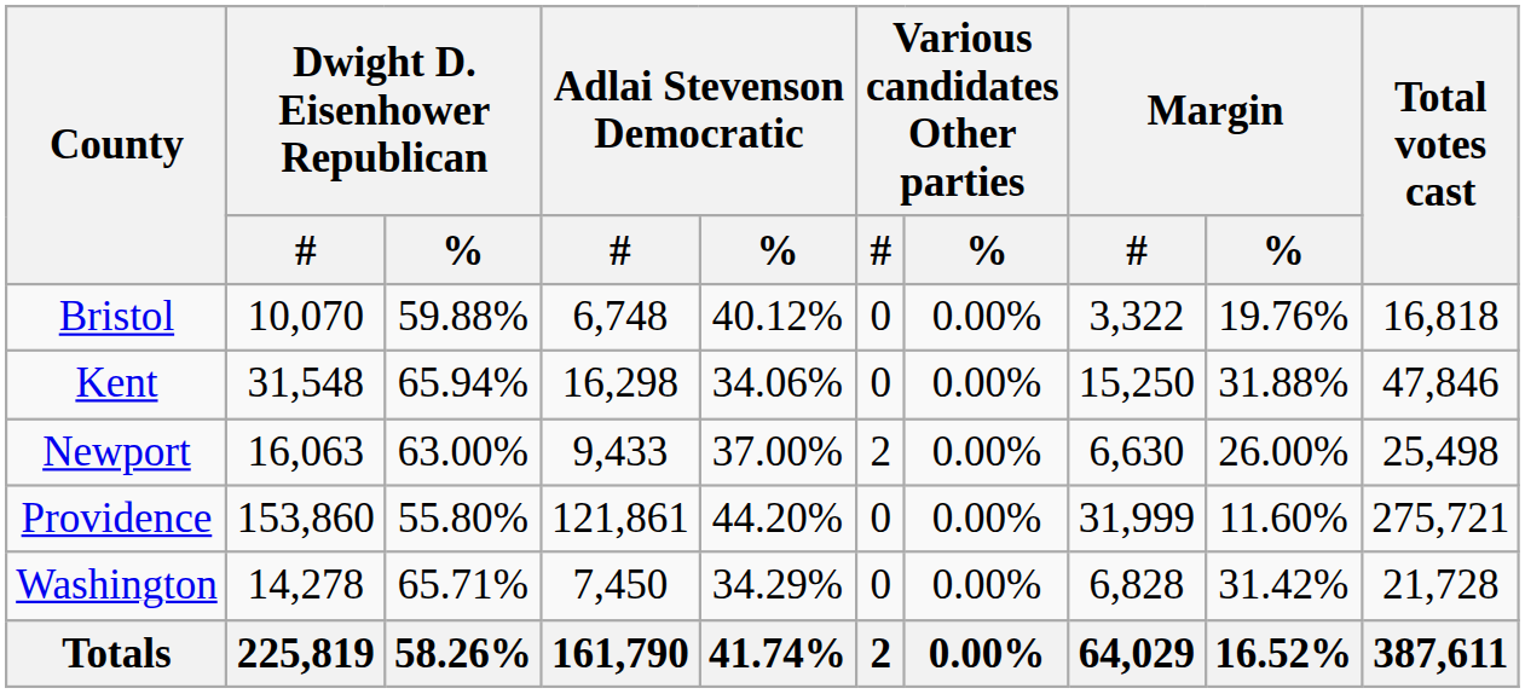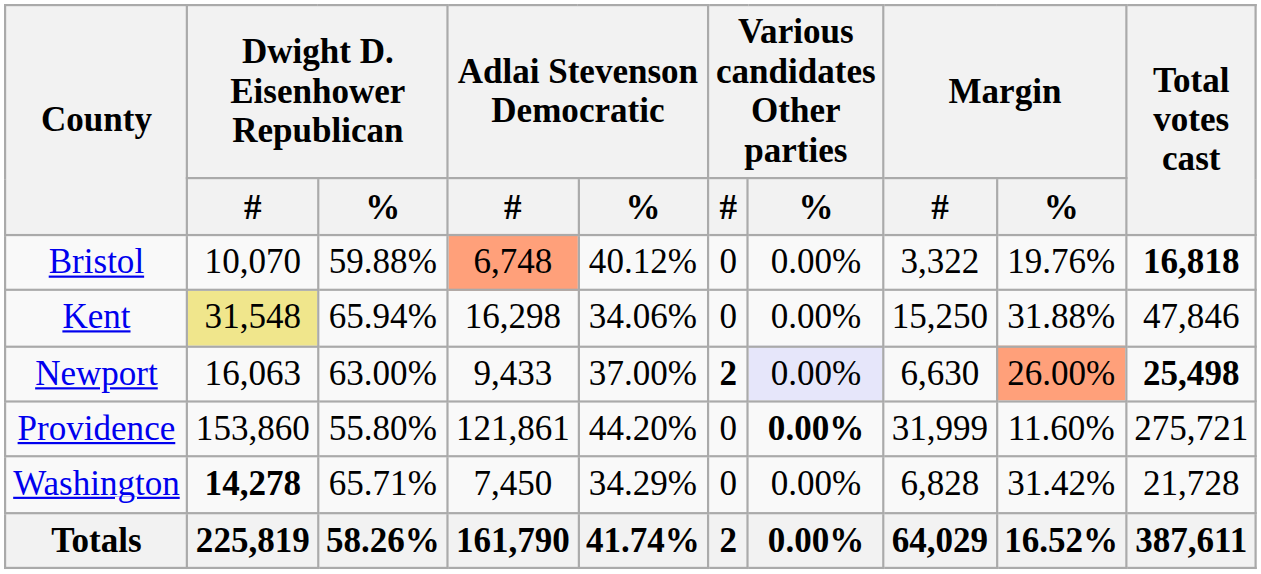 <table width="60%"  class="wikitable sortable" style="text-align:center">
 <tr>
 <th style="text-align:center;" rowspan="2">County</th>
 <th style="text-align:center;" colspan="2">Dwight D. Eisenhower<br>Republican</th>
 <th style="text-align:center;" colspan="2">Adlai Stevenson<br>Democratic</th>
 <th style="text-align:center;" colspan="2">Various candidates<br>Other parties</th>
 <th style="text-align:center;" colspan="2">Margin</th>
 <th style="text-align:center;" rowspan="2">Total votes cast</th>
 </tr>
 <tr>
 <th style="text-align:center;" data-sort-type="number">#</th>
 <th style="text-align:center;" data-sort-type="number">%</th>
 <th style="text-align:center;" data-sort-type="number">#</th>
 <th style="text-align:center;" data-sort-type="number">%</th>
 <th style="text-align:center;" data-sort-type="number">#</th>
 <th style="text-align:center;" data-sort-type="number">%</th>
 <th style="text-align:center;" data-sort-type="number">#</th>
 <th style="text-align:center;" data-sort-type="number">%</th>
 </tr>
 <tr style="text-align:center;">
 <td><a href='#'>Bristol</a></td>
 <td>10,070</td>
 <td>59.88%</td>
-<td>6,748</td>
+<td style="background: lightsalmon;">6,748</td>
 <td>40.12%</td>
 <td>0</td>
 <td>0.00%</td>
 <td>3,322</td>
 <td>19.76%</td>
-<td>16,818</td>
+<td><strong>16,818</strong></td>
 </tr>
 <tr style="text-align:center;">
 <td><a href='#'>Kent</a></td>
-<td>31,548</td>
+<td style="background: khaki;">31,548</td>
 <td>65.94%</td>
 <td>16,298</td>
 <td>34.06%</td>
 <td>0</td>
 <td>0.00%</td>
 <td>15,250</td>
 <td>31.88%</td>
 <td>47,846</td>
 </tr>
 <tr style="text-align:center;">
 <td><a href='#'>Newport</a></td>
 <td>16,063</td>
 <td>63.00%</td>
 <td>9,433</td>
 <td>37.00%</td>
-<td>2</td>
-<td>0.00%</td>
+<td><strong>2</strong></td>
+<td style="background: lavender;">0.00%</td>
 <td>6,630</td>
-<td>26.00%</td>
-<td>25,498</td>
+<td style="background: lightsalmon;">26.00%</td>
+<td><strong>25,498</strong></td>
 </tr>
 <tr style="text-align:center;">
 <td><a href='#'>Providence</a></td>
 <td>153,860</td>
 <td>55.80%</td>
 <td>121,861</td>
 <td>44.20%</td>
 <td>0</td>
-<td>0.00%</td>
+<td><strong>0.00%</strong></td>
 <td>31,999</td>
 <td>11.60%</td>
 <td>275,721</td>
 </tr>
 <tr style="text-align:center;">
 <td><a href='#'>Washington</a></td>
-<td>14,278</td>
+<td><strong>14,278</strong></td>
 <td>65.71%</td>
 <td>7,450</td>
 <td>34.29%</td>
 <td>0</td>
 <td>0.00%</td>
 <td>6,828</td>
 <td>31.42%</td>
 <td>21,728</td>
 </tr>
 <tr>
 <th>Totals</th>
 <th>225,819</th>
 <th>58.26%</th>
 <th>161,790</th>
 <th>41.74%</th>
 <th>2</th>
 <th>0.00%</th>
 <th>64,029</th>
 <th>16.52%</th>
 <th>387,611</th>
 </tr>
 </table>
